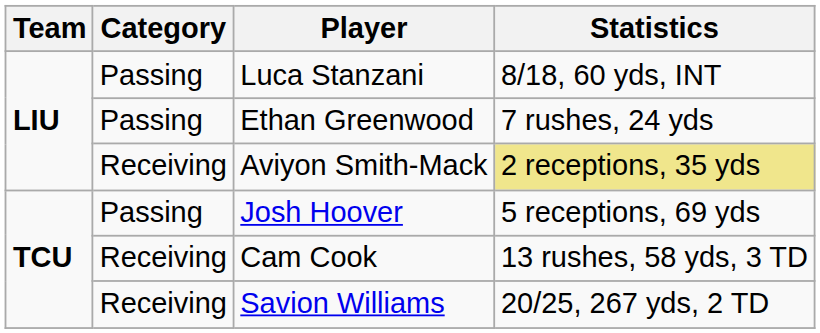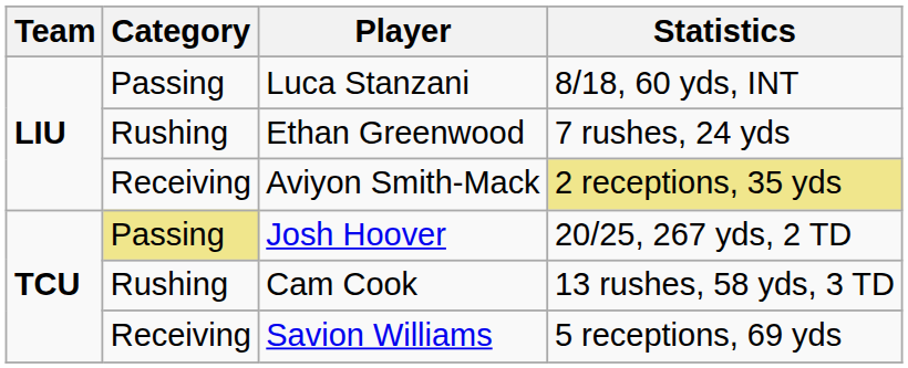 <table class="wikitable" style="float: right;">
 <tr>
 <th>Team</th>
 <th>Category</th>
 <th>Player</th>
 <th>Statistics</th>
 </tr>
 <tr>
 <td rowspan=3><strong>LIU</strong></td>
 <td>Passing</td>
 <td>Luca Stanzani</td>
 <td>8/18, 60 yds, INT</td>
 </tr>
 <tr>
-<td>Passing</td>
+<td>Rushing</td>
 <td>Ethan Greenwood</td>
 <td>7 rushes, 24 yds</td>
 </tr>
 <tr>
 <td>Receiving</td>
 <td>Aviyon Smith-Mack</td>
 <td style="background: khaki;">2 receptions, 35 yds</td>
 </tr>
 <tr>
 <td rowspan=3><strong>TCU</strong></td>
-<td>Passing</td>
+<td style="background: khaki;">Passing</td>
 <td><a href='#'>Josh Hoover</a></td>
-<td>5 receptions, 69 yds</td>
+<td>20/25, 267 yds, 2 TD</td>
 </tr>
 <tr>
-<td>Receiving</td>
+<td>Rushing</td>
 <td>Cam Cook</td>
 <td>13 rushes, 58 yds, 3 TD</td>
 </tr>
 <tr>
 <td>Receiving</td>
 <td><a href='#'>Savion Williams</a></td>
-<td>20/25, 267 yds, 2 TD</td>
+<td>5 receptions, 69 yds</td>
 </tr>
 </table>
